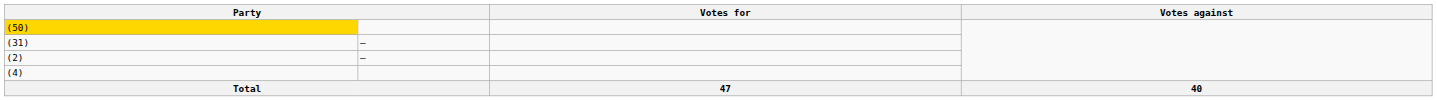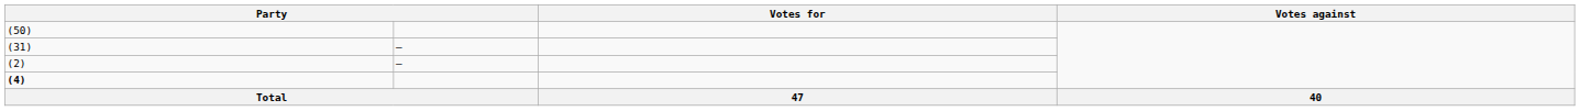 <table class="wikitable" style="width:100%">
 <tr>
 <th style="width:34%;" colspan="2">Party</th>
 <th style="width:33%;">Votes for</th>
 <th style="width:33%;">Votes against</th>
 </tr>
 <tr>
-<td style="background: gold;"> (50)</td>
+<td> (50)</td>
 <td></td>
 <td></td>
 </tr>
 <tr>
 <td> (31)</td>
 <td>–</td>
 <td></td>
 </tr>
 <tr>
 <td> (2)</td>
 <td>–</td>
 <td></td>
 </tr>
 <tr>
-<td> (4)</td>
+<td><strong> (4)</strong></td>
 <td></td>
 <td></td>
 </tr>
 <tr>
 <th colspan=2>Total</th>
 <th>47</th>
 <th>40</th>
 </tr>
 </table>
